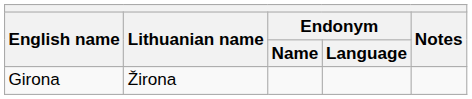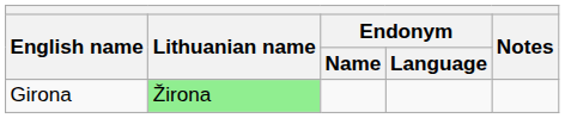 <table class="wikitable sortable">
 <tr>
 <th colspan="5"></th>
 </tr>
 <tr>
 <th rowspan="2">English name</th>
 <th rowspan="2">Lithuanian name</th>
 <th colspan="2">Endonym</th>
 <th rowspan="2">Notes</th>
 </tr>
 <tr>
 <th>Name</th>
 <th>Language</th>
 </tr>
 <tr>
 <td>Girona</td>
-<td>Žirona</td>
+<td style="background: lightgreen;">Žirona</td>
 <td></td>
 <td></td>
 <td></td>
 </tr>
 </table>
